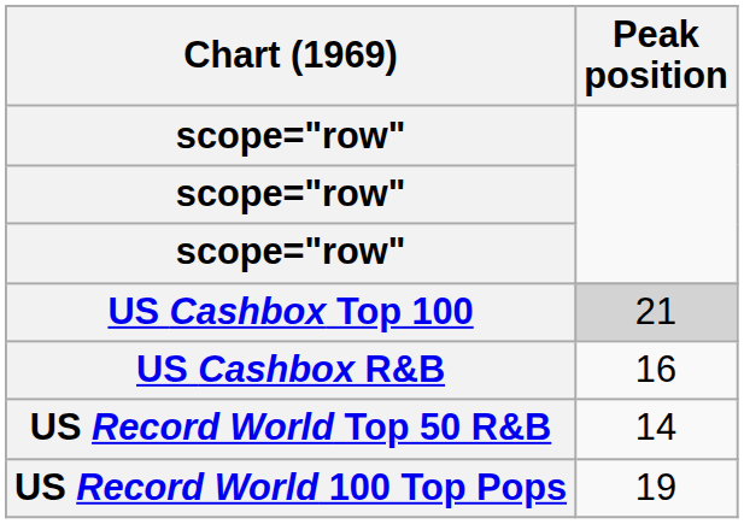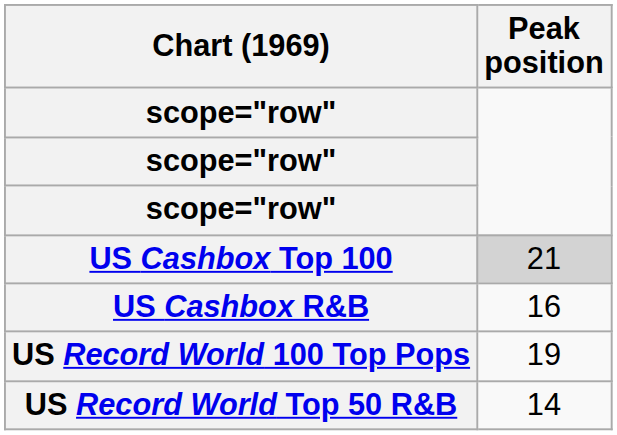 <table class="wikitable sortable plainrowheaders">
 <tr>
 <th scope="col">Chart (1969)</th>
 <th scope="col">Peak<br>position</th>
 </tr>
 <tr>
 <th>scope="row" </th>
 </tr>
 <tr>
 <th>scope="row" </th>
 </tr>
 <tr>
 <th>scope="row" </th>
 </tr>
 <tr>
 <th scope="row"><a href='#'>US <em>Cashbox</em> Top 100</a></th>
 <td style="background: lightgrey; text-align:center;">21</td>
 </tr>
 <tr>
 <th scope="row"><a href='#'>US <em>Cashbox</em> R&B</a></th>
 <td style="text-align:center;">16</td>
 </tr>
 <tr>
+<th scope="row">US <a href='#'><em>Record World</em> 100 Top Pops</a></th>
+<td style="text-align:center;">19</td>
+</tr>
+<tr>
 <th scope="row">US <a href='#'><em>Record World</em> Top 50 R&B</a></th>
 <td style="text-align:center;">14</td>
 </tr>
-<tr>
-<th scope="row">US <a href='#'><em>Record World</em> 100 Top Pops</a></th>
-<td style="text-align:center;">19</td>
-</tr>
 </table>
